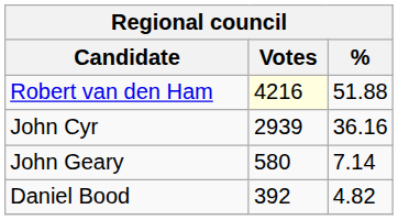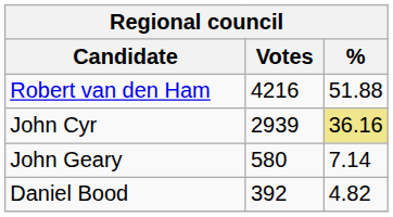 <table class="wikitable">
 <tr>
 <th colspan="3">Regional council</th>
 </tr>
 <tr>
 <th style="width: 170px">Candidate</th>
 <th style="width: 50px">Votes</th>
 <th style="width: 40px">%</th>
 </tr>
 <tr>
 <td><a href='#'>Robert van den Ham</a></td>
-<td style="background: lightyellow;">4216</td>
+<td>4216</td>
 <td>51.88</td>
 </tr>
 <tr>
 <td>John Cyr</td>
 <td>2939</td>
-<td>36.16</td>
+<td style="background: khaki;">36.16</td>
 </tr>
 <tr>
 <td>John Geary</td>
 <td>580</td>
 <td>7.14</td>
 </tr>
 <tr>
 <td>Daniel Bood</td>
 <td>392</td>
 <td>4.82</td>
 </tr>
 <tr>
 </tr>
 </table>
